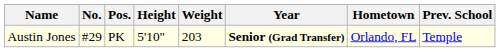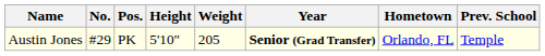 <table class="wikitable sortable">
 <tr>
 <th>Name</th>
 <th>No.</th>
 <th>Pos.</th>
 <th>Height</th>
 <th>Weight</th>
 <th>Year</th>
 <th>Hometown</th>
 <th class="unsortable">Prev. School</th>
 </tr>
 <tr style="background:#FFFFE6;">
 <td>Austin Jones</td>
 <td>#29</td>
 <td>PK</td>
 <td>5'10"</td>
-<td>203</td>
+<td>205</td>
 <td><strong>Senior <small>(Grad Transfer)</small></strong></td>
 <td><a href='#'>Orlando, FL</a></td>
 <td><a href='#'>Temple</a></td>
 </tr>
 </table>
